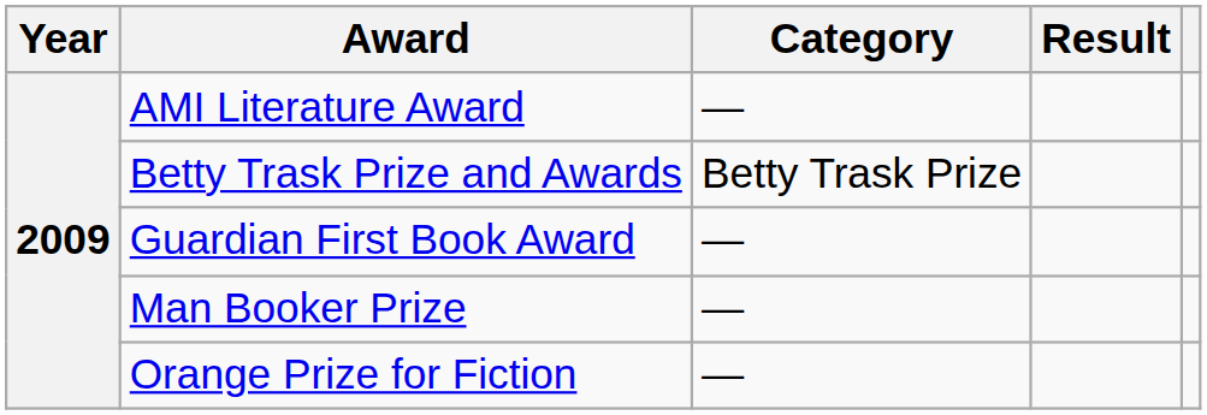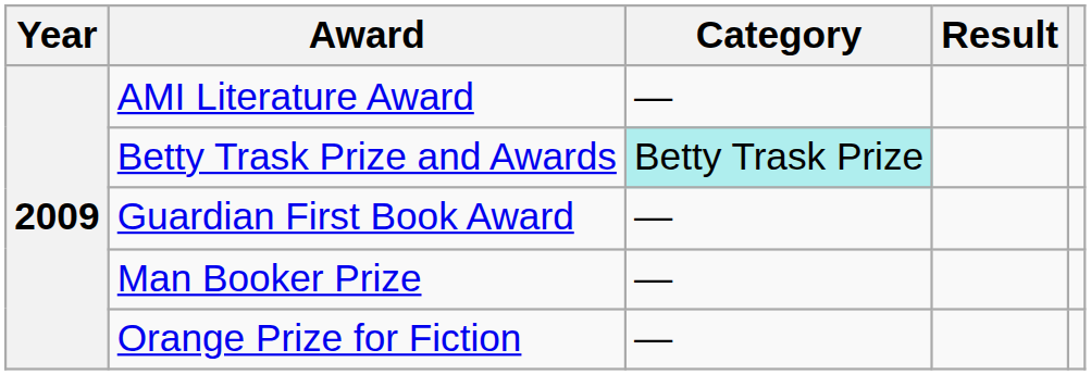 <table class="wikitable sortable">
 <tr>
 <th>Year</th>
 <th>Award</th>
 <th>Category</th>
 <th>Result</th>
 <th></th>
 </tr>
 <tr>
 <th rowspan="5">2009</th>
 <td><a href='#'>AMI Literature Award</a></td>
 <td>—</td>
 <td></td>
 <td></td>
 </tr>
 <tr>
 <td><a href='#'>Betty Trask Prize and Awards</a></td>
-<td>Betty Trask Prize</td>
+<td style="background: paleturquoise;">Betty Trask Prize</td>
 <td></td>
 <td></td>
 </tr>
 <tr>
 <td><a href='#'>Guardian First Book Award</a></td>
 <td>—</td>
 <td></td>
 <td></td>
 </tr>
 <tr>
 <td><a href='#'>Man Booker Prize</a></td>
 <td>—</td>
 <td></td>
 <td></td>
 </tr>
 <tr>
 <td><a href='#'>Orange Prize for Fiction</a></td>
 <td>—</td>
 <td></td>
 <td></td>
 </tr>
 </table>
